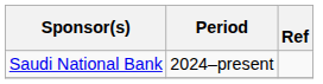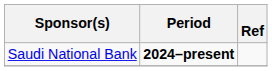 <table class="wikitable" style="text-align: left">
 <tr>
 <th>Sponsor(s)</th>
 <th>Period</th>
 <th><br>  Ref</th>
 </tr>
 <tr>
 <td><div><a href='#'>Saudi National Bank</a></div></td>
-<td><div>2024–present</div></td>
+<td><strong><div>2024–present</div></strong></td>
 <td></td>
 </tr>
 <tr>
 </tr>
 </table>
